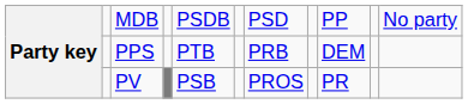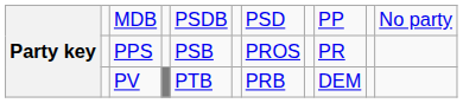 <table class=wikitable>
 <tr>
 <th rowspan=3>Party key</th>
 <td></td>
 <td><a href='#'>MDB</a></td>
 <td></td>
 <td><a href='#'>PSDB</a></td>
 <td></td>
 <td><a href='#'>PSD</a></td>
 <td></td>
 <td><a href='#'>PP</a></td>
 <td></td>
 <td><a href='#'>No party</a></td>
 </tr>
 <tr>
 <td></td>
 <td><a href='#'>PPS</a></td>
 <td></td>
+<td><a href='#'>PSB</a></td>
+<td></td>
+<td><a href='#'>PROS</a></td>
+<td></td>
+<td><a href='#'>PR</a></td>
+<td></td>
+<td></td>
+</tr>
+<tr>
+<td></td>
+<td><a href='#'>PV</a></td>
+<td bgcolor="#7B7B7B"></td>
 <td><a href='#'>PTB</a></td>
 <td></td>
 <td><a href='#'>PRB</a></td>
 <td></td>
 <td><a href='#'>DEM</a></td>
 <td></td>
 <td></td>
 </tr>
-<tr>
-<td></td>
-<td><a href='#'>PV</a></td>
-<td bgcolor="#7B7B7B"></td>
-<td><a href='#'>PSB</a></td>
-<td></td>
-<td><a href='#'>PROS</a></td>
-<td></td>
-<td><a href='#'>PR</a></td>
-<td></td>
-<td></td>
-</tr>
 </table>
